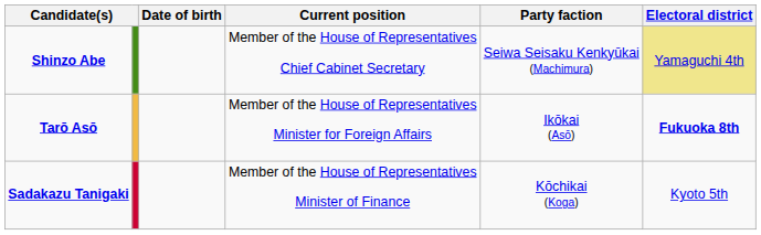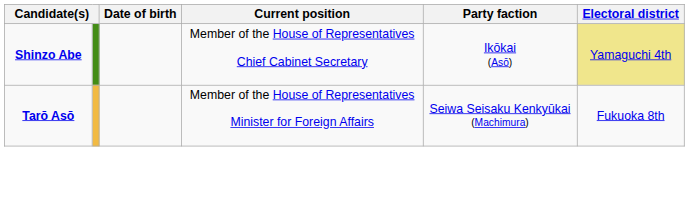 <table class="wikitable sortable" style="text-align:center;width:100%">
 <tr>
 <th colspan="2" style="width:110px;">Candidate(s)</th>
 <th>Date of birth</th>
 <th class="unsortable">Current position</th>
 <th>Party faction</th>
 <th><a href='#'>Electoral district</a></th>
 </tr>
 <tr>
 <td> <strong><a href='#'>Shinzo Abe</a></strong></td>
 <td style="background:#438C15"></td>
 <td><br></td>
 <td>Member of the <a href='#'>House of Representatives</a><br><br><a href='#'>Chief Cabinet Secretary</a><br><br></td>
-<td><a href='#'>Seiwa Seisaku Kenkyūkai</a><br><small> (<a href='#'>Machimura</a>) </small></td>
+<td><a href='#'>Ikōkai</a><br><small> (<a href='#'>Asō</a>) </small></td>
 <td style="background: khaki;"> <a href='#'>Yamaguchi 4th</a></td>
 </tr>
 <tr>
 <td> <strong><a href='#'>Tarō Asō</a></strong></td>
 <td style="background:#F2BA42"></td>
 <td><br></td>
 <td>Member of the <a href='#'>House of Representatives</a><br><br><a href='#'>Minister for Foreign Affairs</a><br><br></td>
-<td><a href='#'>Ikōkai</a><br><small> (<a href='#'>Asō</a>) </small></td>
-<td><strong> <a href='#'>Fukuoka 8th</a></strong></td>
-</tr>
-<tr>
-<td> <strong><a href='#'>Sadakazu Tanigaki</a></strong></td>
-<td style="background:#CC0033"></td>
-<td><br></td>
-<td>Member of the <a href='#'>House of Representatives</a><br><br><a href='#'>Minister of Finance</a><br><br></td>
-<td><a href='#'>Kōchikai</a><br><small> (<a href='#'>Koga</a>) </small></td>
-<td> <a href='#'>Kyoto 5th</a></td>
+<td><a href='#'>Seiwa Seisaku Kenkyūkai</a><br><small> (<a href='#'>Machimura</a>) </small></td>
+<td> <a href='#'>Fukuoka 8th</a></td>
 </tr>
 </table>
